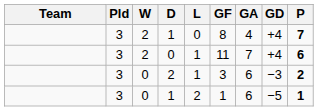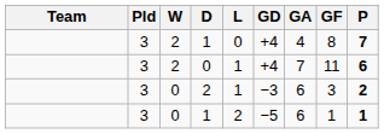 <table class="wikitable">
 <tr>
 <th width=120>Team</th>
 <th width=25>Pld</th>
 <th width=25>W</th>
 <th width=25>D</th>
 <th width=25>L</th>
+<th width=25>GD</th>
+<th width=25>GA</th>
 <th width=25>GF</th>
-<th width=25>GA</th>
-<th width=25>GD</th>
 <th width=25>P</th>
 </tr>
 <tr align=center>
 <td align=left></td>
 <td>3</td>
 <td>2</td>
 <td>1</td>
 <td>0</td>
+<td>+4</td>
+<td>4</td>
 <td>8</td>
-<td>4</td>
-<td>+4</td>
 <td><strong>7</strong></td>
 </tr>
 <tr align=center>
 <td align=left></td>
 <td>3</td>
 <td>2</td>
 <td>0</td>
 <td>1</td>
+<td>+4</td>
+<td>7</td>
 <td>11</td>
-<td>7</td>
-<td>+4</td>
 <td><strong>6</strong></td>
 </tr>
 <tr align=center>
 <td align=left></td>
 <td>3</td>
 <td>0</td>
 <td>2</td>
 <td>1</td>
+<td>−3</td>
+<td>6</td>
 <td>3</td>
-<td>6</td>
-<td>−3</td>
 <td><strong>2</strong></td>
 </tr>
 <tr align=center>
 <td align=left></td>
 <td>3</td>
 <td>0</td>
 <td>1</td>
 <td>2</td>
+<td>−5</td>
+<td>6</td>
 <td>1</td>
-<td>6</td>
-<td>−5</td>
 <td><strong>1</strong></td>
 </tr>
 </table>
